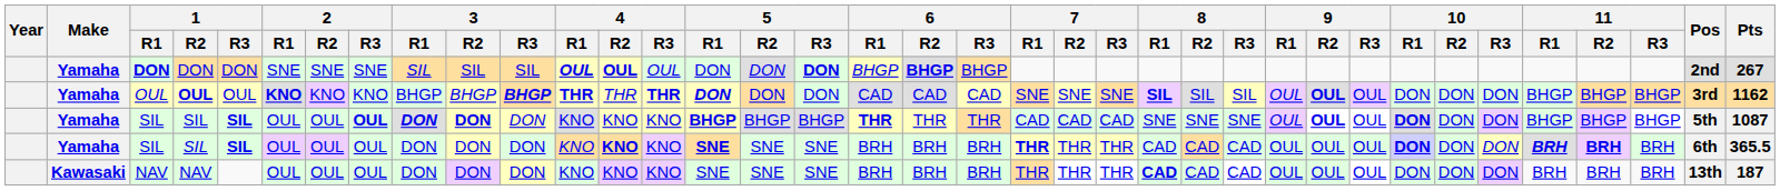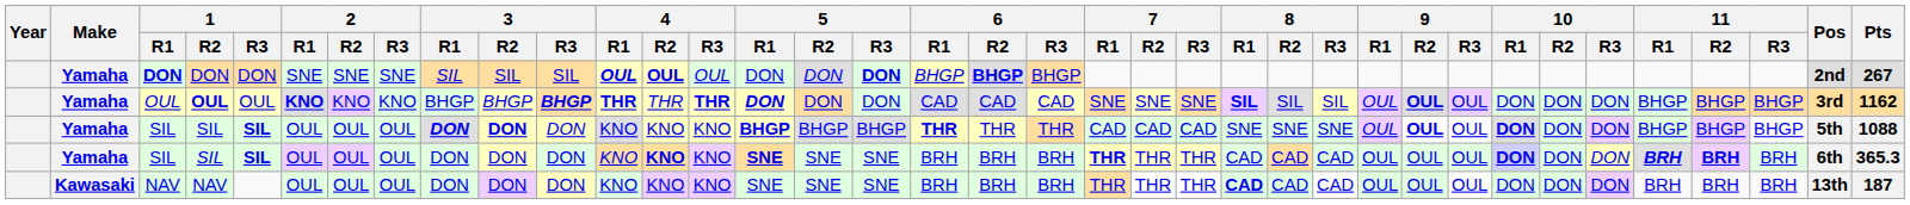 <table class="wikitable" style="text-align:center; font-size:85%;">
 <tr>
 <th rowspan="2">Year</th>
 <th rowspan="2">Make</th>
 <th colspan="3">1</th>
 <th colspan="3">2</th>
 <th colspan="3">3</th>
 <th colspan="3">4</th>
 <th colspan="3">5</th>
 <th colspan="3">6</th>
 <th colspan="3">7</th>
 <th colspan="3">8</th>
 <th colspan="3">9</th>
 <th colspan="3">10</th>
 <th colspan="3">11</th>
 <th rowspan="2">Pos</th>
 <th rowspan="2">Pts</th>
 </tr>
 <tr>
 <th>R1</th>
 <th>R2</th>
 <th>R3</th>
 <th>R1</th>
 <th>R2</th>
 <th>R3</th>
 <th>R1</th>
 <th>R2</th>
 <th>R3</th>
 <th>R1</th>
 <th>R2</th>
 <th>R3</th>
 <th>R1</th>
 <th>R2</th>
 <th>R3</th>
 <th>R1</th>
 <th>R2</th>
 <th>R3</th>
 <th>R1</th>
 <th>R2</th>
 <th>R3</th>
 <th>R1</th>
 <th>R2</th>
 <th>R3</th>
 <th>R1</th>
 <th>R2</th>
 <th>R3</th>
 <th>R1</th>
 <th>R2</th>
 <th>R3</th>
 <th>R1</th>
 <th>R2</th>
 <th>R3</th>
 </tr>
 <tr>
 <th></th>
 <th><a href='#'>Yamaha</a></th>
 <td style="background:#DFFFDF;"><strong><a href='#'>DON</a></strong><br></td>
 <td style="background:#FFDF9F;"><a href='#'>DON</a><br></td>
 <td style="background:#FFDF9F;"><a href='#'>DON</a><br></td>
 <td style="background:#DFFFDF;"><a href='#'>SNE</a><br></td>
 <td style="background:#DFFFDF;"><a href='#'>SNE</a><br></td>
 <td style="background:#DFFFDF;"><a href='#'>SNE</a><br></td>
 <td style="background:#FFDF9F;"><em><a href='#'>SIL</a></em><br></td>
 <td style="background:#FFDF9F;"><a href='#'>SIL</a><br></td>
 <td style="background:#FFDF9F;"><a href='#'>SIL</a><br></td>
 <td style="background:#FFFFBF;"><strong><em><a href='#'>OUL</a></em></strong><br></td>
 <td style="background:#FFFFBF;"><strong><a href='#'>OUL</a></strong><br></td>
 <td style="background:#DFFFDF;"><em><a href='#'>OUL</a></em><br></td>
 <td style="background:#DFFFDF;"><a href='#'>DON</a><br></td>
 <td style="background:#DFDFDF;"><em><a href='#'>DON</a></em><br></td>
 <td style="background:#DFFFDF;"><strong><a href='#'>DON</a></strong><br></td>
 <td style="background:#FFFFBF;"><em><a href='#'>BHGP</a></em><br></td>
 <td style="background:#DFDFDF;"><strong><a href='#'>BHGP</a></strong><br></td>
 <td style="background:#FFDF9F;"><a href='#'>BHGP</a><br></td>
 <td></td>
 <td></td>
 <td></td>
 <td></td>
 <td></td>
 <td></td>
 <td></td>
 <td></td>
 <td></td>
 <td></td>
 <td></td>
 <td></td>
 <td></td>
 <td></td>
 <td></td>
 <th style="background:#DFDFDF;">2nd</th>
 <th style="background:#DFDFDF;">267</th>
 </tr>
 <tr>
 <th></th>
 <th><a href='#'>Yamaha</a></th>
 <td style="background:#FFFFBF;"><em><a href='#'>OUL</a></em><br></td>
 <td style="background:#FFFFBF;"><strong><a href='#'>OUL</a></strong><br></td>
 <td style="background:#FFFFBF;"><a href='#'>OUL</a><br></td>
 <td style="background:#DFDFDF;"><strong><a href='#'>KNO</a></strong><br></td>
 <td style="background:#EFCFFF;"><a href='#'>KNO</a><br></td>
 <td style="background:#DFFFDF;"><a href='#'>KNO</a><br></td>
 <td style="background:#DFFFDF;"><a href='#'>BHGP</a><br></td>
 <td style="background:#FFFFBF;"><em><a href='#'>BHGP</a></em><br></td>
 <td style="background:#FFDF9F;"><strong><em><a href='#'>BHGP</a></em></strong><br></td>
 <td style="background:#FFFFBF;"><strong><a href='#'>THR</a></strong><br></td>
 <td style="background:#FFFFBF;"><em><a href='#'>THR</a></em><br></td>
 <td style="background:#FFFFBF;"><strong><a href='#'>THR</a></strong><br></td>
 <td style="background:#FFFFBF;"><strong><em><a href='#'>DON</a></em></strong><br></td>
 <td style="background:#FFDF9F;"><a href='#'>DON</a><br></td>
 <td style="background:#DFFFDF;"><a href='#'>DON</a><br></td>
 <td style="background:#DFDFDF;"><a href='#'>CAD</a><br></td>
 <td style="background:#DFDFDF;"><a href='#'>CAD</a><br></td>
 <td style="background:#FFFFBF;"><a href='#'>CAD</a><br></td>
 <td style="background:#FFDF9F;"><a href='#'>SNE</a><br></td>
 <td style="background:#FFFFBF;"><a href='#'>SNE</a><br></td>
 <td style="background:#FFDF9F;"><a href='#'>SNE</a><br></td>
 <td style="background:#EFCFFF;"><strong><a href='#'>SIL</a></strong><br></td>
 <td style="background:#DFDFDF;"><a href='#'>SIL</a><br></td>
 <td style="background:#FFFFBF;"><a href='#'>SIL</a><br></td>
 <td style="background:#EFCFFF;"><em><a href='#'>OUL</a></em><br></td>
 <td style="background:#DFDFDF;"><strong><a href='#'>OUL</a></strong><br></td>
 <td style="background:#EFCFFF;"><a href='#'>OUL</a><br></td>
 <td style="background:#DFFFDF;"><a href='#'>DON</a><br></td>
 <td style="background:#DFFFDF;"><a href='#'>DON</a><br></td>
 <td style="background:#DFFFDF;"><a href='#'>DON</a><br></td>
 <td style="background:#DFFFDF;"><a href='#'>BHGP</a><br></td>
 <td style="background:#FFDF9F;"><a href='#'>BHGP</a><br></td>
 <td style="background:#FFDF9F;"><a href='#'>BHGP</a><br></td>
 <th style="background:#FFDF9F;">3rd</th>
 <th style="background:#FFDF9F;">1162</th>
 </tr>
 <tr>
 <th></th>
 <th><a href='#'>Yamaha</a></th>
 <td style="background:#DFFFDF;"><a href='#'>SIL</a><br></td>
 <td style="background:#DFFFDF;"><a href='#'>SIL</a><br></td>
 <td style="background:#DFFFDF;"><strong><a href='#'>SIL</a><br></strong></td>
 <td style="background:#DFFFDF;"><a href='#'>OUL</a><br></td>
 <td style="background:#DFFFDF;"><a href='#'>OUL</a><br></td>
-<td style="background:#DFFFDF;"><strong><a href='#'>OUL</a><br></strong></td>
+<td style="background:#DFFFDF;"><a href='#'>OUL</a><br></td>
 <td style="background:#DFDFDF;"><strong><em><a href='#'>DON</a></em></strong><br></td>
 <td style="background:#FFFFBF;"><strong><a href='#'>DON</a></strong><br></td>
 <td style="background:#FFFFBF;"><em><a href='#'>DON</a></em><br></td>
 <td style="background:#DFDFDF;"><a href='#'>KNO</a><br></td>
 <td style="background:#FFFFBF;"><a href='#'>KNO</a><br></td>
 <td style="background:#FFFFBF;"><a href='#'>KNO</a><br></td>
 <td style="background:#FFFFBF;"><strong><a href='#'>BHGP</a></strong><br></td>
 <td style="background:#DFDFDF;"><a href='#'>BHGP</a><br></td>
 <td style="background:#DFDFDF;"><a href='#'>BHGP</a><br></td>
 <td style="background:#FFFFBF;"><strong><a href='#'>THR</a></strong><br></td>
 <td style="background:#FFFFBF;"><a href='#'>THR</a><br></td>
 <td style="background:#FFDF9F;"><a href='#'>THR</a><br></td>
 <td style="background:#DFFFDF;"><a href='#'>CAD</a><br></td>
 <td style="background:#DFFFDF;"><a href='#'>CAD</a><br></td>
 <td style="background:#DFFFDF;"><a href='#'>CAD</a><br></td>
 <td style="background:#DFFFDF;"><a href='#'>SNE</a><br></td>
 <td style="background:#DFFFDF;"><a href='#'>SNE</a><br></td>
 <td style="background:#DFFFDF;"><a href='#'>SNE</a><br></td>
 <td style="background:#EFCFFF;"><em><a href='#'>OUL</a></em><br></td>
 <td style="background:#FFFFFF;"><strong><a href='#'>OUL</a></strong><br></td>
 <td style="background:#FFFFFF;"><a href='#'>OUL</a><br></td>
 <td style="background:#DFDFDF;"><strong><a href='#'>DON</a></strong><br></td>
 <td style="background:#DFFFDF;"><a href='#'>DON</a><br></td>
 <td style="background:#EFCFFF;"><a href='#'>DON</a><br></td>
 <td style="background:#DFFFDF;"><a href='#'>BHGP</a><br></td>
 <td style="background:#EFCFFF;"><a href='#'>BHGP</a><br></td>
 <td style="background:#FFFFFF;"><a href='#'>BHGP</a><br></td>
 <th>5th</th>
-<th>1087</th>
+<th>1088</th>
 </tr>
 <tr>
 <th></th>
 <th><a href='#'>Yamaha</a></th>
 <td style="background:#DFFFDF;"><a href='#'>SIL</a><br></td>
 <td style="background:#DFFFDF;"><em><a href='#'>SIL</a></em><br></td>
 <td style="background:#DFFFDF;"><strong><a href='#'>SIL</a></strong><br></td>
 <td style="background:#EFCFFF;"><a href='#'>OUL</a><br></td>
 <td style="background:#EFCFFF;"><a href='#'>OUL</a><br></td>
 <td style="background:#DFFFDF;"><a href='#'>OUL</a><br></td>
 <td style="background:#DFFFDF;"><a href='#'>DON</a><br></td>
 <td style="background:#FFFFBF;"><a href='#'>DON</a><br></td>
 <td style="background:#DFFFDF;"><a href='#'>DON</a><br></td>
 <td style="background:#FFDF9F;"><em><a href='#'>KNO</a></em><br></td>
 <td style="background:#FFDF9F;"><strong><a href='#'>KNO</a></strong><br></td>
 <td style="background:#EFCFFF;"><a href='#'>KNO</a><br></td>
 <td style="background:#FFDF9F;"><strong><a href='#'>SNE</a></strong><br></td>
 <td style="background:#DFFFDF;"><a href='#'>SNE</a><br></td>
 <td style="background:#DFFFDF;"><a href='#'>SNE</a><br></td>
 <td style="background:#DFFFDF;"><a href='#'>BRH</a><br></td>
 <td style="background:#DFFFDF;"><a href='#'>BRH</a><br></td>
 <td style="background:#DFFFDF;"><a href='#'>BRH</a><br></td>
 <td style="background:#FFFFBF;"><strong><a href='#'>THR</a></strong><br></td>
 <td style="background:#FFFFBF;"><a href='#'>THR</a><br></td>
 <td style="background:#FFFFBF;"><a href='#'>THR</a><br></td>
 <td style="background:#DFFFDF;"><a href='#'>CAD</a><br></td>
 <td style="background:#FFDF9F;"><a href='#'>CAD</a><br></td>
 <td style="background:#DFFFDF;"><a href='#'>CAD</a><br></td>
 <td style="background:#DFFFDF;"><a href='#'>OUL</a><br></td>
 <td style="background:#DFFFDF;"><a href='#'>OUL</a><br></td>
 <td style="background:#DFFFDF;"><a href='#'>OUL</a><br></td>
 <td style="background:#CFCFFF;"><strong><a href='#'>DON</a></strong><br></td>
 <td style="background:#DFFFDF;"><a href='#'>DON</a><br></td>
 <td style="background:#FFFFBF;"><em><a href='#'>DON</a></em><br></td>
 <td style="background:#DFDFDF;"><strong><em><a href='#'>BRH</a></em></strong><br></td>
 <td style="background:#EFCFFF;"><strong><a href='#'>BRH</a></strong><br></td>
 <td style="background:#DFFFDF;"><a href='#'>BRH</a><br></td>
 <th>6th</th>
-<th>365.5</th>
+<th>365.3</th>
 </tr>
 <tr>
 <th></th>
 <th><a href='#'>Kawasaki</a></th>
 <td style="background:#DFFFDF;"><a href='#'>NAV</a><br></td>
 <td style="background:#DFFFDF;"><a href='#'>NAV</a><br></td>
 <td></td>
 <td style="background:#DFFFDF;"><a href='#'>OUL</a><br></td>
 <td style="background:#DFFFDF;"><a href='#'>OUL</a><br></td>
 <td style="background:#DFFFDF;"><a href='#'>OUL</a><br></td>
 <td style="background:#DFFFDF;"><a href='#'>DON</a><br></td>
 <td style="background:#EFCFFF;"><a href='#'>DON</a><br></td>
 <td style="background:#FFFFBF;"><a href='#'>DON</a><br></td>
 <td style="background:#DFFFDF;"><a href='#'>KNO</a><br></td>
 <td style="background:#EFCFFF;"><a href='#'>KNO</a><br></td>
 <td style="background:#EFCFFF;"><a href='#'>KNO</a><br></td>
 <td style="background:#DFFFDF;"><a href='#'>SNE</a><br></td>
 <td style="background:#DFFFDF;"><a href='#'>SNE</a><br></td>
 <td style="background:#DFFFDF;"><a href='#'>SNE</a><br></td>
 <td style="background:#DFFFDF;"><a href='#'>BRH</a><br></td>
 <td style="background:#DFFFDF;"><a href='#'>BRH</a><br></td>
 <td style="background:#DFFFDF;"><a href='#'>BRH</a><br></td>
 <td style="background:#FFDF9F;"><a href='#'>THR</a><br></td>
 <td style="background:#FFFFFF;"><a href='#'>THR</a><br></td>
 <td style="background:#FFFFFF;"><a href='#'>THR</a><br></td>
 <td style="background:#DFFFDF;"><strong><a href='#'>CAD</a></strong><br></td>
 <td style="background:#DFFFDF;"><a href='#'>CAD</a><br></td>
 <td style="background:#FFFFFF;"><a href='#'>CAD</a><br></td>
 <td style="background:#DFFFDF;"><a href='#'>OUL</a><br></td>
 <td style="background:#DFFFDF;"><a href='#'>OUL</a><br></td>
 <td style="background:#FFFFFF;"><a href='#'>OUL</a><br></td>
 <td style="background:#DFFFDF;"><a href='#'>DON</a><br></td>
 <td style="background:#DFFFDF;"><a href='#'>DON</a><br></td>
 <td style="background:#EFCFFF;"><a href='#'>DON</a><br></td>
 <td><a href='#'>BRH</a></td>
 <td><a href='#'>BRH</a></td>
 <td><a href='#'>BRH</a></td>
 <th>13th</th>
 <th>187</th>
 </tr>
 </table>
